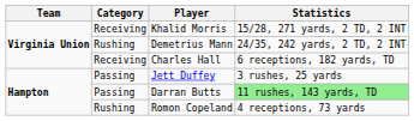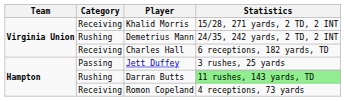 <table class="wikitable" style="float: right;">
 <tr>
 <th>Team</th>
 <th>Category</th>
 <th>Player</th>
 <th>Statistics</th>
 </tr>
 <tr>
 <td rowspan=3><strong>Virginia Union</strong></td>
 <td>Receiving</td>
 <td>Khalid Morris</td>
 <td>15/28, 271 yards, 2 TD, 2 INT</td>
 </tr>
 <tr>
 <td>Rushing</td>
 <td>Demetrius Mann</td>
 <td>24/35, 242 yards, 2 TD, 2 INT</td>
 </tr>
 <tr>
 <td>Receiving</td>
 <td>Charles Hall</td>
 <td>6 receptions, 182 yards, TD</td>
 </tr>
 <tr>
 <td rowspan=3><strong>Hampton</strong></td>
 <td>Passing</td>
 <td><a href='#'>Jett Duffey</a></td>
 <td>3 rushes, 25 yards</td>
 </tr>
 <tr>
-<td>Passing</td>
+<td>Rushing</td>
 <td>Darran Butts</td>
 <td style="background: lightgreen;">11 rushes, 143 yards, TD</td>
 </tr>
 <tr>
-<td>Rushing</td>
+<td>Receiving</td>
 <td>Romon Copeland</td>
 <td>4 receptions, 73 yards</td>
 </tr>
 </table>
